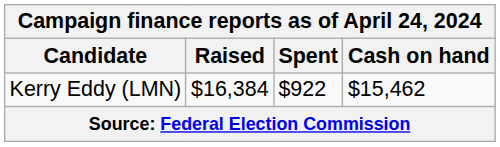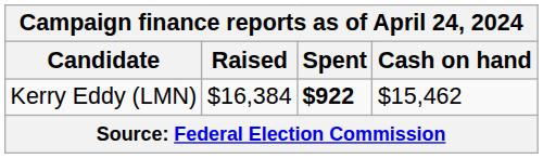 <table class="wikitable sortable">
 <tr>
 <th colspan=4>Campaign finance reports as of April 24, 2024</th>
 </tr>
 <tr style="text-align:center;">
 <th>Candidate</th>
 <th>Raised</th>
 <th>Spent</th>
 <th>Cash on hand</th>
 </tr>
 <tr>
 <td>Kerry Eddy (LMN)</td>
 <td>$16,384</td>
-<td>$922</td>
+<td><strong>$922</strong></td>
 <td>$15,462</td>
 </tr>
 <tr>
 <th colspan="4"><small>Source: <a href='#'>Federal Election Commission</a></small></th>
 </tr>
 </table>
